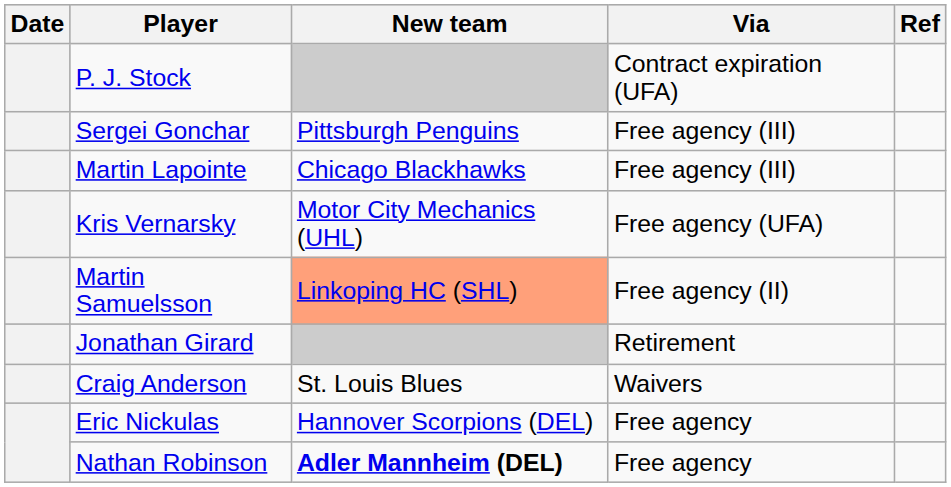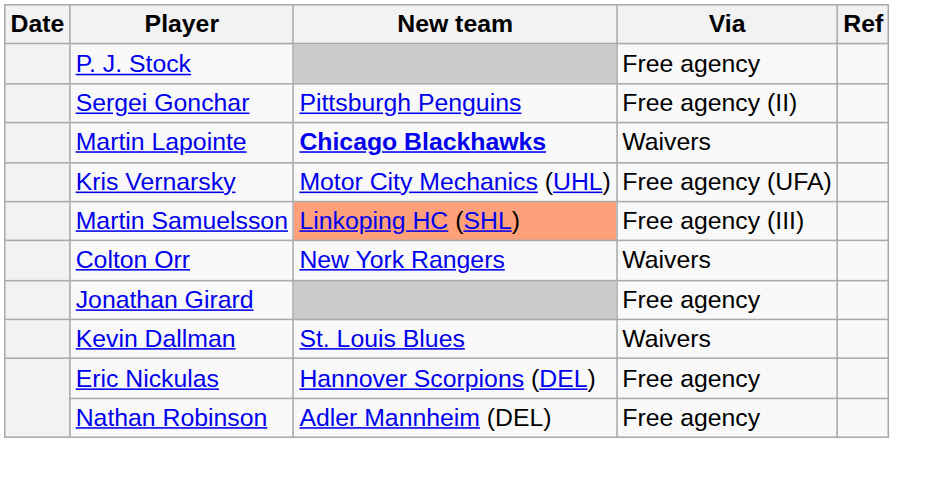 <table class="wikitable plainrowheaders">
 <tr style="background:#ddd; text-align:center;">
 <th>Date</th>
 <th>Player</th>
 <th>New team</th>
 <th>Via</th>
 <th>Ref</th>
 </tr>
 <tr>
 <th scope="row"></th>
 <td><a href='#'>P. J. Stock</a></td>
 <td style="background:#ccc"></td>
-<td>Contract expiration (UFA)</td>
+<td>Free agency</td>
 <td></td>
 </tr>
 <tr>
 <th scope="row"></th>
 <td><a href='#'>Sergei Gonchar</a></td>
 <td><a href='#'>Pittsburgh Penguins</a></td>
-<td>Free agency (III)</td>
+<td>Free agency (II)</td>
 <td></td>
 </tr>
 <tr>
 <th scope="row"></th>
 <td><a href='#'>Martin Lapointe</a></td>
-<td><a href='#'>Chicago Blackhawks</a></td>
-<td>Free agency (III)</td>
+<td><strong><a href='#'>Chicago Blackhawks</a></strong></td>
+<td>Waivers</td>
 <td></td>
 </tr>
 <tr>
 <th scope="row"></th>
 <td><a href='#'>Kris Vernarsky</a></td>
 <td><a href='#'>Motor City Mechanics</a> (<a href='#'>UHL</a>)</td>
 <td>Free agency (UFA)</td>
 <td></td>
 </tr>
 <tr>
 <th scope="row"></th>
 <td><a href='#'>Martin Samuelsson</a></td>
 <td style="background: lightsalmon;"><a href='#'>Linkoping HC</a> (<a href='#'>SHL</a>)</td>
-<td>Free agency (II)</td>
+<td>Free agency (III)</td>
+<td></td>
+</tr>
+<tr>
+<th scope="row"></th>
+<td><a href='#'>Colton Orr</a></td>
+<td><a href='#'>New York Rangers</a></td>
+<td>Waivers</td>
 <td></td>
 </tr>
 <tr>
 <th scope="row"></th>
 <td><a href='#'>Jonathan Girard</a></td>
 <td style="background:#ccc"></td>
-<td>Retirement</td>
+<td>Free agency</td>
 <td></td>
 </tr>
 <tr>
 <th scope="row"></th>
-<td><a href='#'>Craig Anderson</a></td>
-<td>St. Louis Blues</td>
+<td><a href='#'>Kevin Dallman</a></td>
+<td><a href='#'>St. Louis Blues</a></td>
 <td>Waivers</td>
 <td></td>
 </tr>
 <tr>
 <th scope="row" rowspan=2></th>
 <td><a href='#'>Eric Nickulas</a></td>
 <td><a href='#'>Hannover Scorpions</a> (<a href='#'>DEL</a>)</td>
 <td>Free agency</td>
 <td></td>
 </tr>
 <tr>
 <td><a href='#'>Nathan Robinson</a></td>
-<td><strong><a href='#'>Adler Mannheim</a> (DEL)</strong></td>
+<td><a href='#'>Adler Mannheim</a> (DEL)</td>
 <td>Free agency</td>
 <td></td>
 </tr>
 </table>
